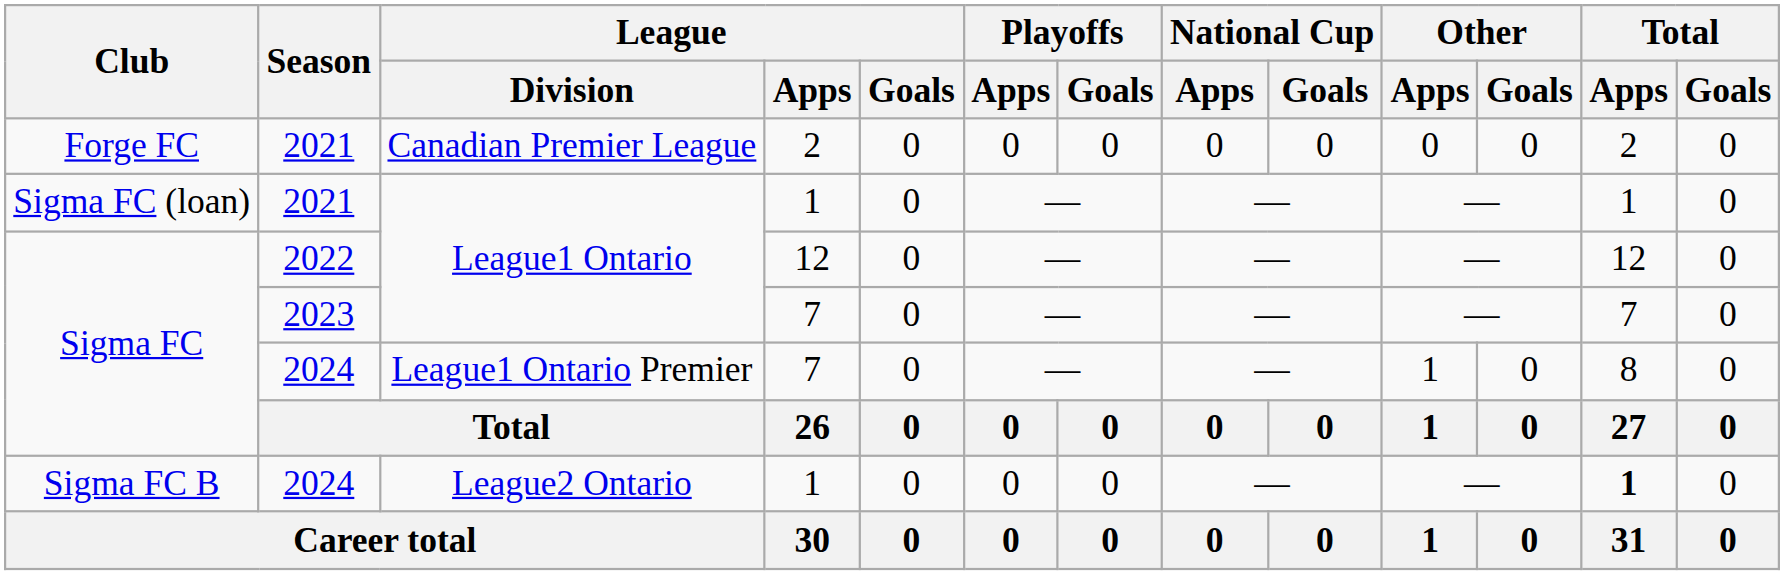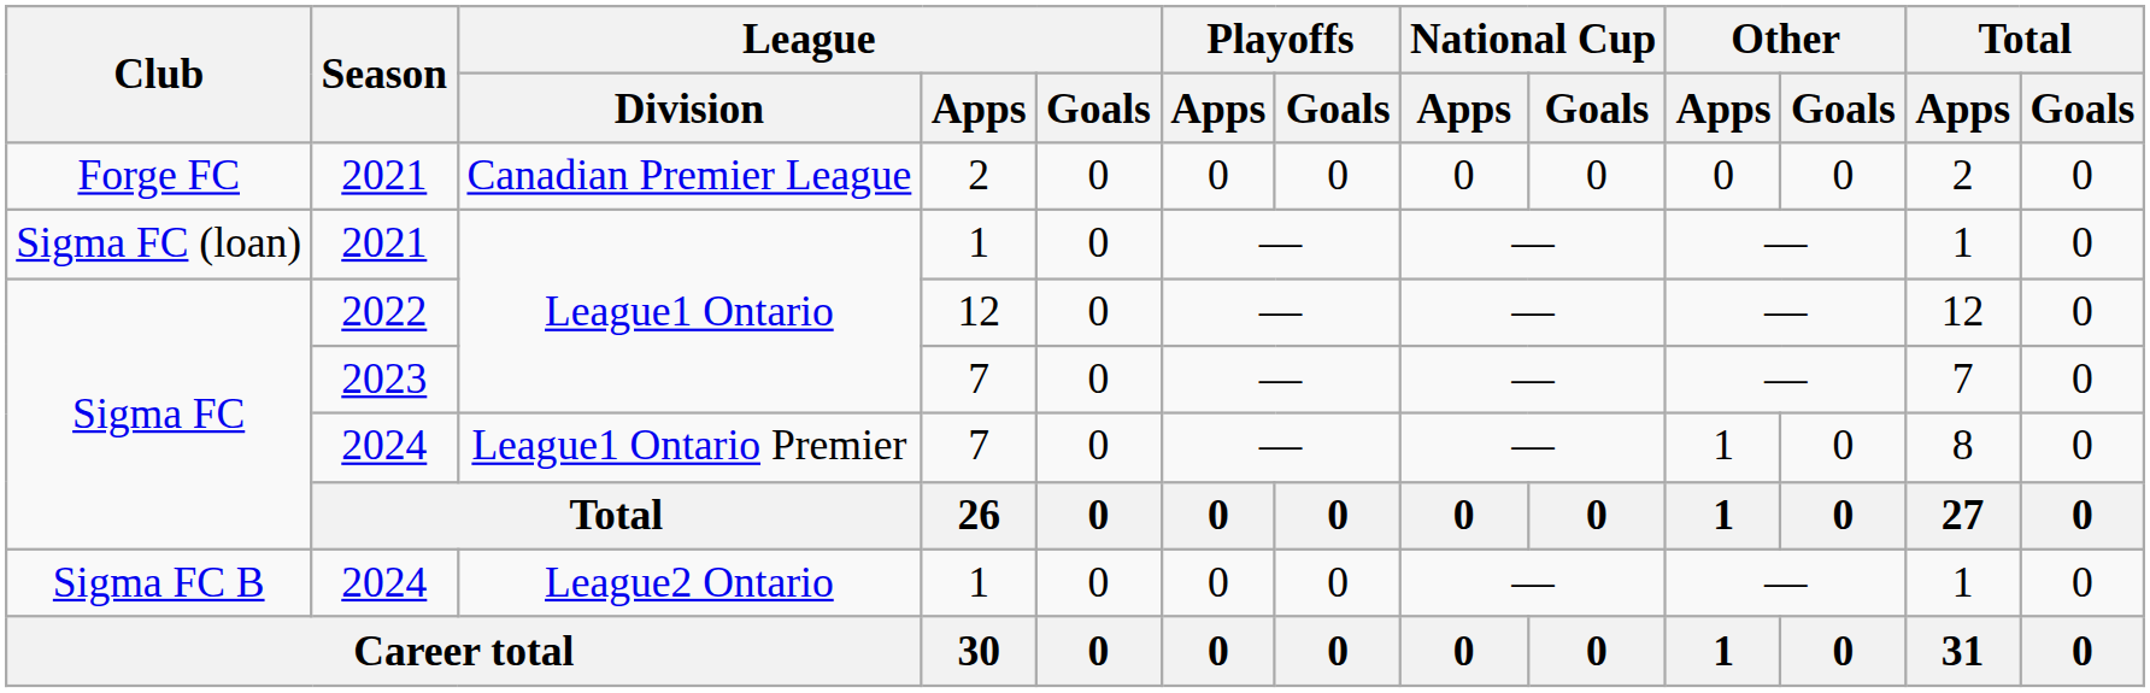 <table class="wikitable" style="text-align: center">
 <tr>
 <th rowspan="2">Club</th>
 <th rowspan="2">Season</th>
 <th colspan="3">League</th>
 <th colspan="2">Playoffs</th>
 <th colspan="2">National Cup</th>
 <th colspan="2">Other</th>
 <th colspan="2">Total</th>
 </tr>
 <tr>
 <th>Division</th>
 <th>Apps</th>
 <th>Goals</th>
 <th>Apps</th>
 <th>Goals</th>
 <th>Apps</th>
 <th>Goals</th>
 <th>Apps</th>
 <th>Goals</th>
 <th>Apps</th>
 <th>Goals</th>
 </tr>
 <tr>
 <td><a href='#'>Forge FC</a></td>
 <td><a href='#'>2021</a></td>
 <td><a href='#'>Canadian Premier League</a></td>
 <td>2</td>
 <td>0</td>
 <td>0</td>
 <td>0</td>
 <td>0</td>
 <td>0</td>
 <td>0</td>
 <td>0</td>
 <td>2</td>
 <td>0</td>
 </tr>
 <tr>
 <td><a href='#'>Sigma FC</a> (loan)</td>
 <td><a href='#'>2021</a></td>
 <td rowspan=3><a href='#'>League1 Ontario</a></td>
 <td>1</td>
 <td>0</td>
 <td colspan="2">—</td>
 <td colspan="2">—</td>
 <td colspan="2">—</td>
 <td>1</td>
 <td>0</td>
 </tr>
 <tr>
 <td rowspan="4"><a href='#'>Sigma FC</a></td>
 <td><a href='#'>2022</a></td>
 <td>12</td>
 <td>0</td>
 <td colspan="2">—</td>
 <td colspan="2">—</td>
 <td colspan="2">—</td>
 <td>12</td>
 <td>0</td>
 </tr>
 <tr>
 <td><a href='#'>2023</a></td>
 <td>7</td>
 <td>0</td>
 <td colspan="2">—</td>
 <td colspan="2">—</td>
 <td colspan="2">—</td>
 <td>7</td>
 <td>0</td>
 </tr>
 <tr>
 <td><a href='#'>2024</a></td>
 <td><a href='#'>League1 Ontario</a> Premier</td>
 <td>7</td>
 <td>0</td>
 <td colspan="2">—</td>
 <td colspan="2">—</td>
 <td>1</td>
 <td>0</td>
 <td>8</td>
 <td>0</td>
 </tr>
 <tr>
 <th colspan="2">Total</th>
 <th>26</th>
 <th>0</th>
 <th>0</th>
 <th>0</th>
 <th>0</th>
 <th>0</th>
 <th>1</th>
 <th>0</th>
 <th>27</th>
 <th>0</th>
 </tr>
 <tr>
 <td><a href='#'>Sigma FC B</a></td>
 <td><a href='#'>2024</a></td>
 <td><a href='#'>League2 Ontario</a></td>
 <td>1</td>
 <td>0</td>
 <td>0</td>
 <td>0</td>
 <td colspan="2">—</td>
 <td colspan="2">—</td>
-<td><strong>1</strong></td>
+<td>1</td>
 <td>0</td>
 </tr>
 <tr>
 <th colspan="3">Career total</th>
 <th>30</th>
 <th>0</th>
 <th>0</th>
 <th>0</th>
 <th>0</th>
 <th>0</th>
 <th>1</th>
 <th>0</th>
 <th>31</th>
 <th>0</th>
 </tr>
 </table>
